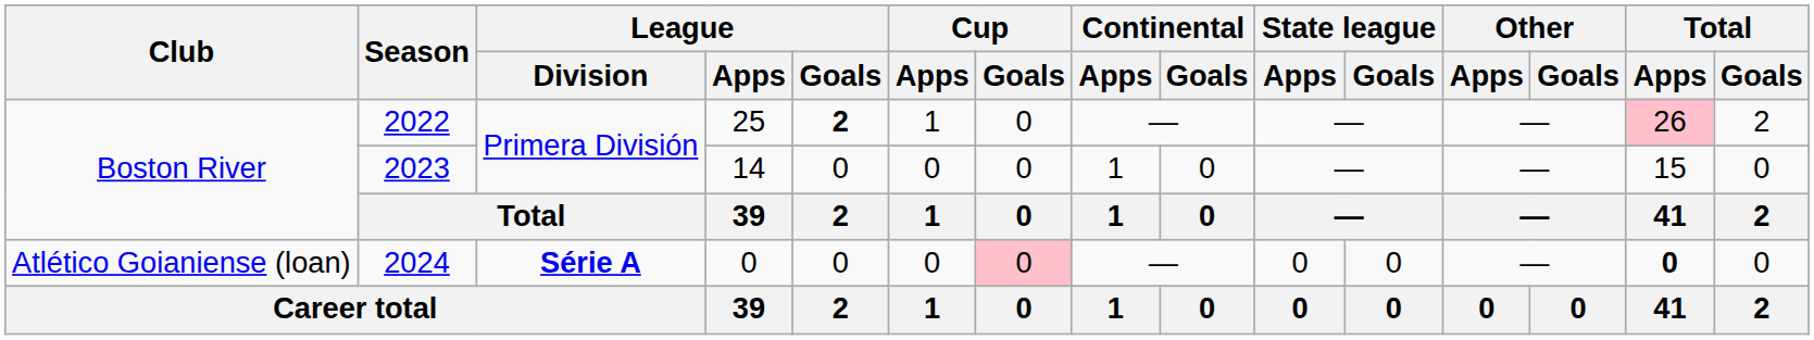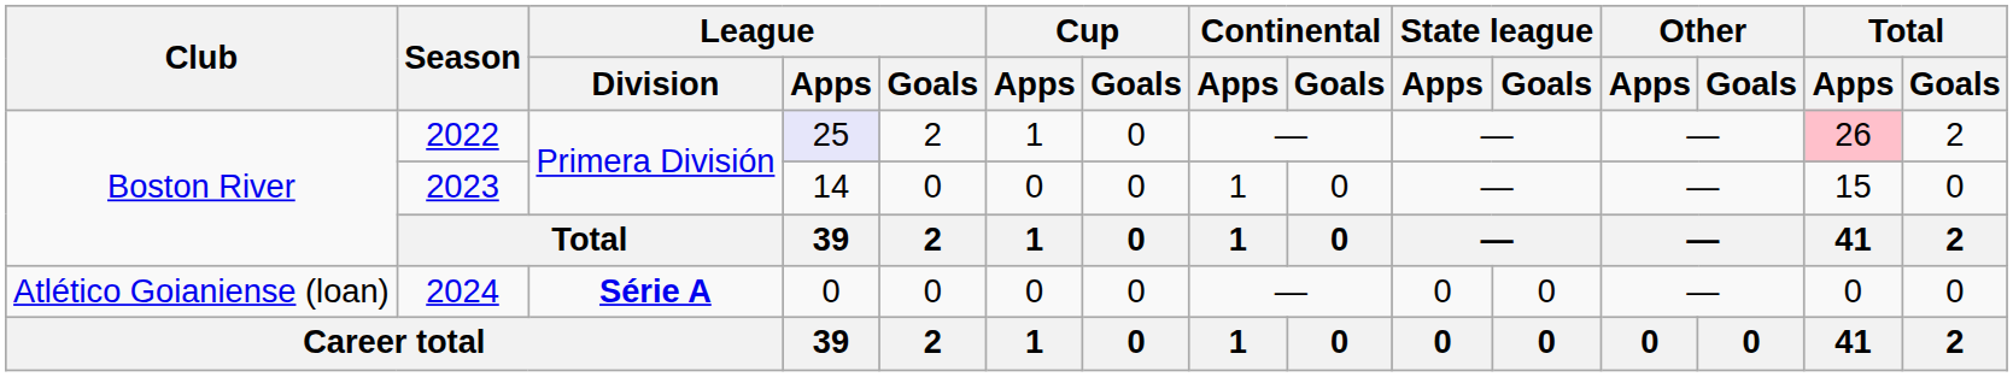 <table class="wikitable" style="text-align: center;">
 <tr>
 <th rowspan="2">Club</th>
 <th rowspan="2">Season</th>
 <th colspan="3">League</th>
 <th colspan="2">Cup</th>
 <th colspan="2">Continental</th>
 <th colspan="2">State league</th>
 <th colspan="2">Other</th>
 <th colspan="2">Total</th>
 </tr>
 <tr>
 <th>Division</th>
 <th>Apps</th>
 <th>Goals</th>
 <th>Apps</th>
 <th>Goals</th>
 <th>Apps</th>
 <th>Goals</th>
 <th>Apps</th>
 <th>Goals</th>
 <th>Apps</th>
 <th>Goals</th>
 <th>Apps</th>
 <th>Goals</th>
 </tr>
 <tr>
 <td rowspan="3"><a href='#'>Boston River</a></td>
 <td><a href='#'>2022</a></td>
 <td rowspan="2"><a href='#'>Primera División</a></td>
-<td>25</td>
-<td><strong>2</strong></td>
+<td style="background: lavender;">25</td>
+<td>2</td>
 <td>1</td>
 <td>0</td>
 <td colspan="2">—</td>
 <td colspan="2">—</td>
 <td colspan="2">—</td>
 <td style="background: pink;">26</td>
 <td>2</td>
 </tr>
 <tr>
 <td><a href='#'>2023</a></td>
 <td>14</td>
 <td>0</td>
 <td>0</td>
 <td>0</td>
 <td>1</td>
 <td>0</td>
 <td colspan="2">—</td>
 <td colspan="2">—</td>
 <td>15</td>
 <td>0</td>
 </tr>
 <tr>
 <th colspan="2">Total</th>
 <th>39</th>
 <th>2</th>
 <th>1</th>
 <th>0</th>
 <th>1</th>
 <th>0</th>
 <th colspan="2">—</th>
 <th colspan="2">—</th>
 <th>41</th>
 <th>2</th>
 </tr>
 <tr>
 <td><a href='#'>Atlético Goianiense</a> (loan)</td>
 <td><a href='#'>2024</a></td>
 <td><strong><a href='#'>Série A</a></strong></td>
 <td>0</td>
 <td>0</td>
 <td>0</td>
-<td style="background: pink;">0</td>
+<td>0</td>
 <td colspan="2">—</td>
 <td>0</td>
 <td>0</td>
 <td colspan="2">—</td>
-<td><strong>0</strong></td>
+<td>0</td>
 <td>0</td>
 </tr>
 <tr>
 <th colspan="3">Career total</th>
 <th>39</th>
 <th>2</th>
 <th>1</th>
 <th>0</th>
 <th>1</th>
 <th>0</th>
 <th>0</th>
 <th>0</th>
 <th>0</th>
 <th>0</th>
 <th>41</th>
 <th>2</th>
 </tr>
 </table>
